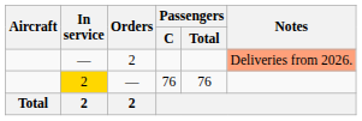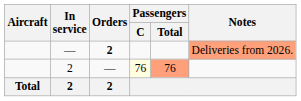 <table class="wikitable" style="margin:1em auto; border-collapse:collapse; text-align:center">
 <tr>
 <th rowspan="2">Aircraft</th>
 <th rowspan="2">In<br>service</th>
 <th rowspan="2">Orders</th>
 <th colspan="2">Passengers</th>
 <th rowspan="2">Notes</th>
 </tr>
 <tr>
 <th><abbr>C</abbr></th>
 <th>Total</th>
 </tr>
 <tr>
 <td></td>
 <td>—</td>
-<td>2</td>
+<td><strong>2</strong></td>
 <td></td>
 <td></td>
 <td style="background: lightsalmon;">Deliveries from 2026.</td>
 </tr>
 <tr>
 <td></td>
-<td style="background: gold;">2</td>
+<td>2</td>
 <td>—</td>
-<td>76</td>
-<td>76</td>
+<td style="background: lightyellow;">76</td>
+<td style="background: lightsalmon;">76</td>
 <td></td>
 </tr>
 <tr>
 <th>Total</th>
 <th>2</th>
 <th>2</th>
 <th colspan="5"></th>
 </tr>
 </table>
